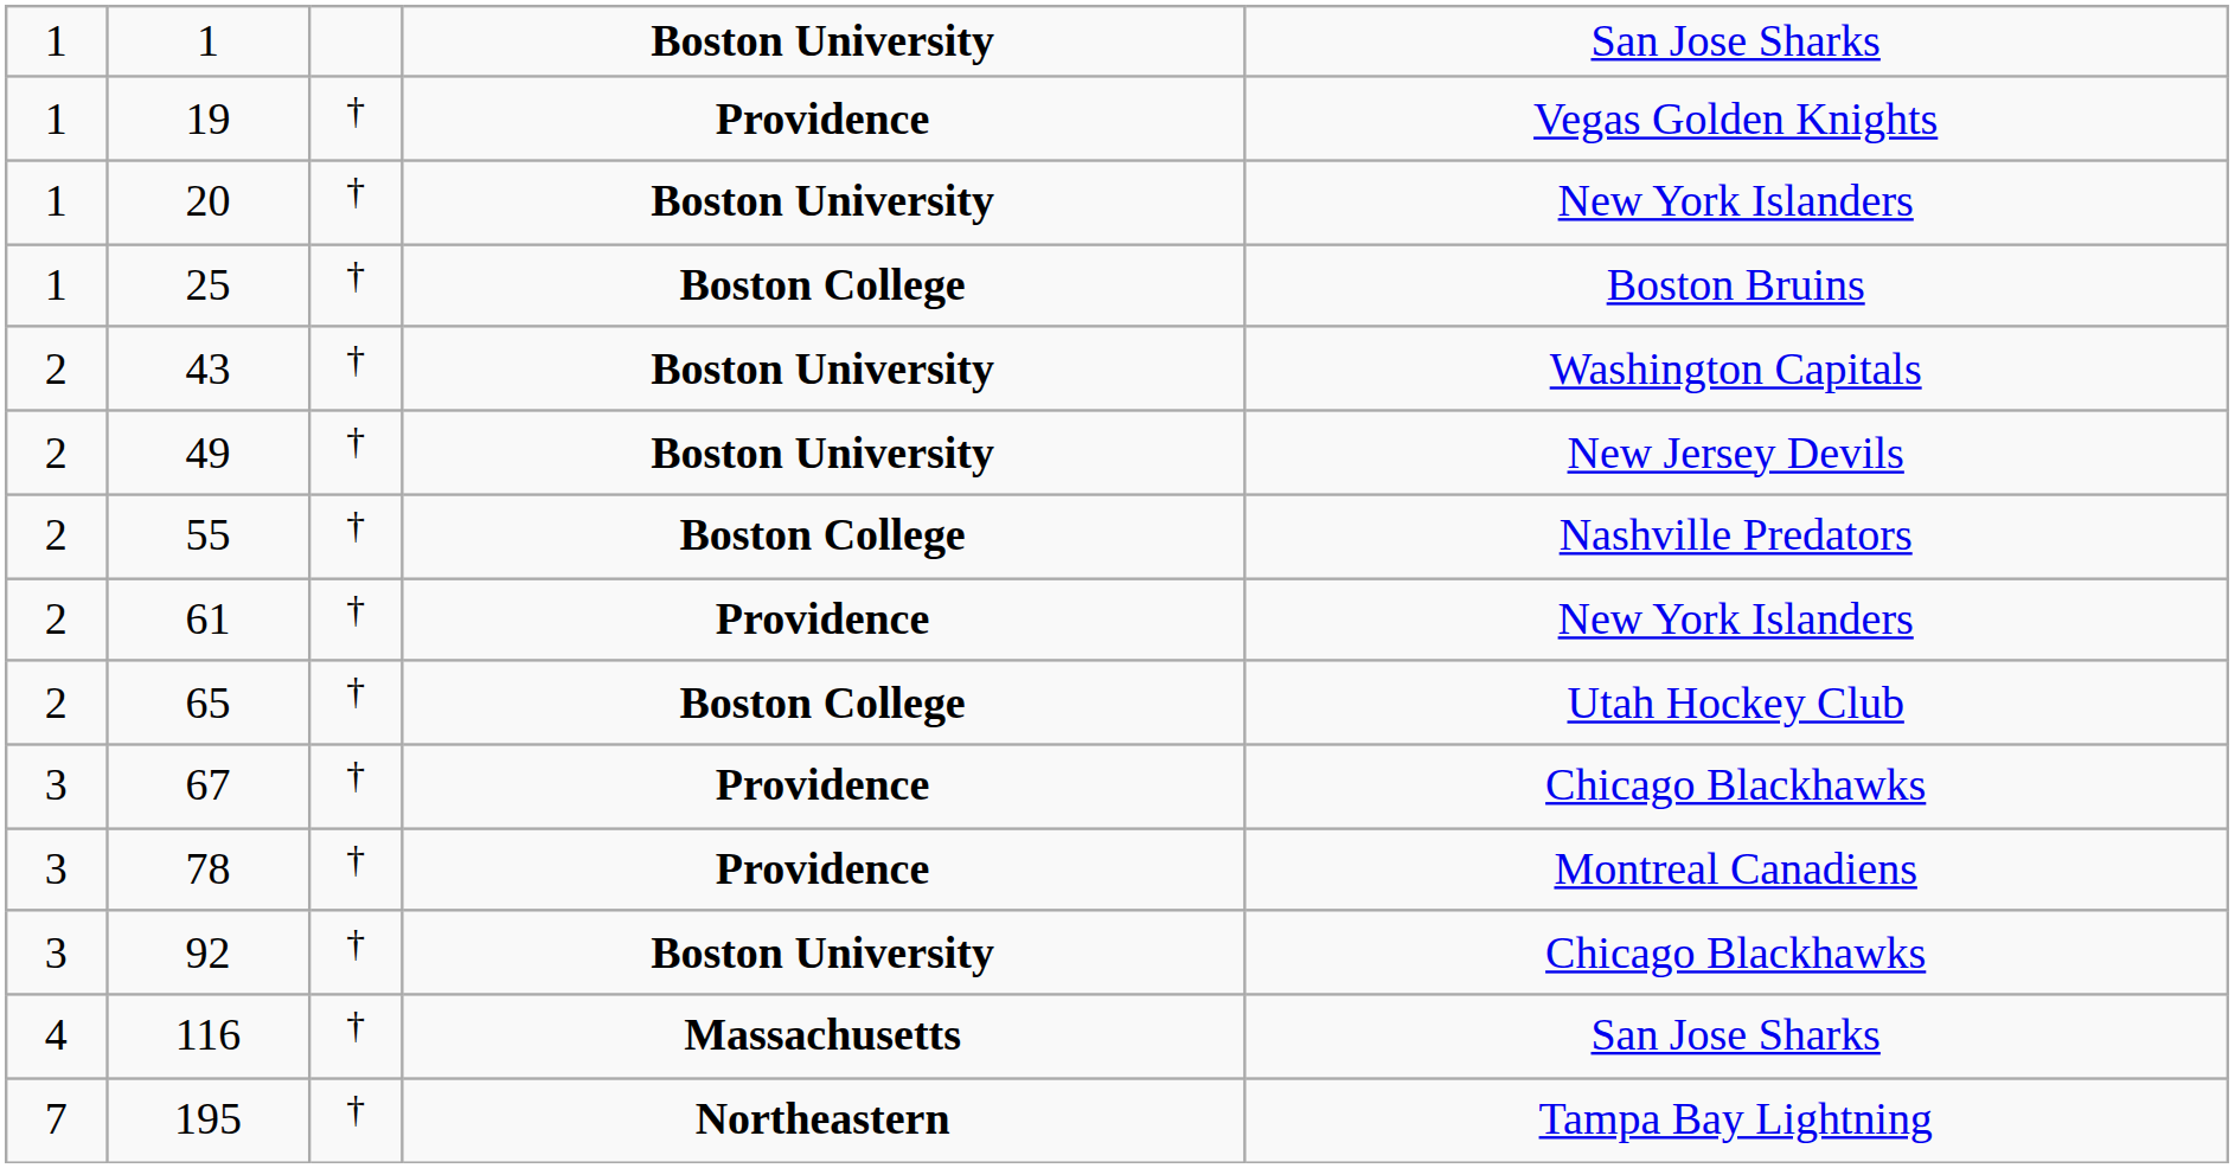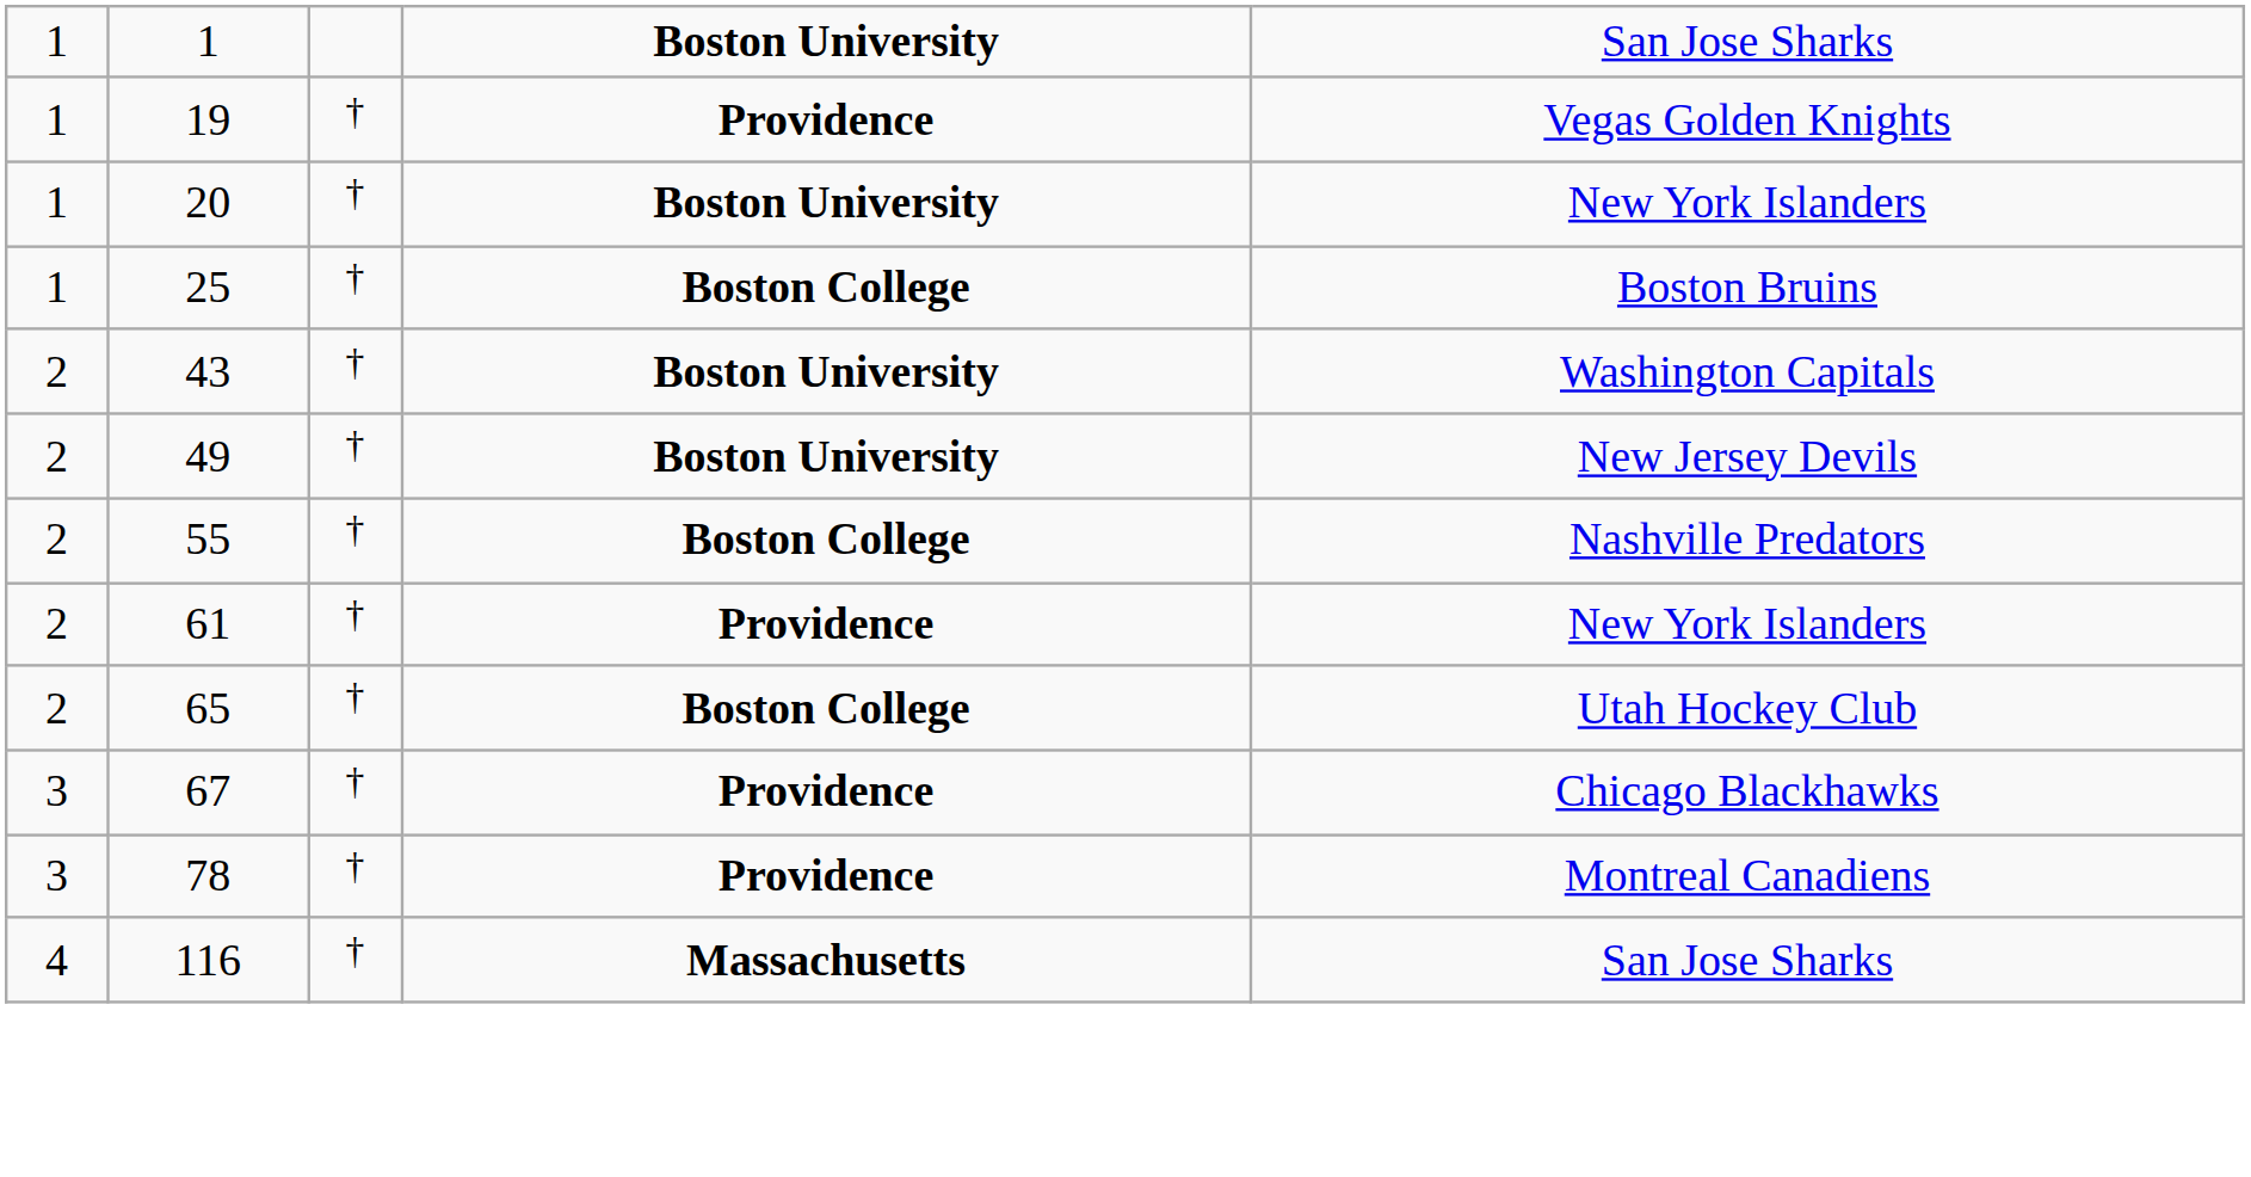 <table class="wikitable sortable" width="50%">
 <tr align="center" bgcolor="">
 <td>1</td>
 <td>1</td>
 <td></td>
 <td><strong>Boston University</strong></td>
 <td><a href='#'>San Jose Sharks</a></td>
 </tr>
 <tr align="center" bgcolor="">
 <td>1</td>
 <td>19</td>
 <td> <sup>†</sup></td>
 <td><strong>Providence</strong></td>
 <td><a href='#'>Vegas Golden Knights</a></td>
 </tr>
 <tr align="center" bgcolor="">
 <td>1</td>
 <td>20</td>
 <td> <sup>†</sup></td>
 <td><strong>Boston University</strong></td>
 <td><a href='#'>New York Islanders</a></td>
 </tr>
 <tr align="center" bgcolor="">
 <td>1</td>
 <td>25</td>
 <td> <sup>†</sup></td>
 <td><strong>Boston College</strong></td>
 <td><a href='#'>Boston Bruins</a></td>
 </tr>
 <tr align="center" bgcolor="">
 <td>2</td>
 <td>43</td>
 <td> <sup>†</sup></td>
 <td><strong>Boston University</strong></td>
 <td><a href='#'>Washington Capitals</a></td>
 </tr>
 <tr align="center" bgcolor="">
 <td>2</td>
 <td>49</td>
 <td> <sup>†</sup></td>
 <td><strong>Boston University</strong></td>
 <td><a href='#'>New Jersey Devils</a></td>
 </tr>
 <tr align="center" bgcolor="">
 <td>2</td>
 <td>55</td>
 <td> <sup>†</sup></td>
 <td><strong>Boston College</strong></td>
 <td><a href='#'>Nashville Predators</a></td>
 </tr>
 <tr align="center" bgcolor="">
 <td>2</td>
 <td>61</td>
 <td> <sup>†</sup></td>
 <td><strong>Providence</strong></td>
 <td><a href='#'>New York Islanders</a></td>
 </tr>
 <tr align="center" bgcolor="">
 <td>2</td>
 <td>65</td>
 <td> <sup>†</sup></td>
 <td><strong>Boston College</strong></td>
 <td><a href='#'>Utah Hockey Club</a></td>
 </tr>
 <tr align="center" bgcolor="">
 <td>3</td>
 <td>67</td>
 <td> <sup>†</sup></td>
 <td><strong>Providence</strong></td>
 <td><a href='#'>Chicago Blackhawks</a></td>
 </tr>
 <tr align="center" bgcolor="">
 <td>3</td>
 <td>78</td>
 <td> <sup>†</sup></td>
 <td><strong>Providence</strong></td>
 <td><a href='#'>Montreal Canadiens</a></td>
 </tr>
 <tr align="center" bgcolor="">
-<td>3</td>
-<td>92</td>
-<td> <sup>†</sup></td>
-<td><strong>Boston University</strong></td>
-<td><a href='#'>Chicago Blackhawks</a></td>
-</tr>
-<tr align="center" bgcolor="">
 <td>4</td>
 <td>116</td>
 <td> <sup>†</sup></td>
 <td><strong>Massachusetts</strong></td>
 <td><a href='#'>San Jose Sharks</a></td>
 </tr>
-<tr align="center" bgcolor="">
-<td>7</td>
-<td>195</td>
-<td> <sup>†</sup></td>
-<td><strong>Northeastern</strong></td>
-<td><a href='#'>Tampa Bay Lightning</a></td>
-</tr>
 </table>
